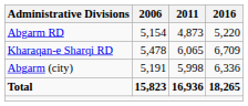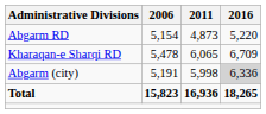 <table class="wikitable">
 <tr>
 <th>Administrative Divisions</th>
 <th>2006</th>
 <th>2011</th>
 <th>2016</th>
 </tr>
 <tr>
 <td><a href='#'>Abgarm RD</a></td>
 <td style="text-align: right;">5,154</td>
 <td style="text-align: right;">4,873</td>
 <td style="text-align: right;">5,220</td>
 </tr>
 <tr>
 <td><a href='#'>Kharaqan-e Sharqi RD</a></td>
 <td style="text-align: right;">5,478</td>
 <td style="text-align: right;">6,065</td>
 <td style="text-align: right;">6,709</td>
 </tr>
 <tr>
 <td><a href='#'>Abgarm</a> (city)</td>
 <td style="text-align: right;">5,191</td>
 <td style="text-align: right;">5,998</td>
-<td style="text-align: right;">6,336</td>
+<td style="background: lightgrey; text-align: right;">6,336</td>
 </tr>
 <tr>
 <td><strong>Total</strong></td>
 <td style="text-align: right;"><strong>15,823</strong></td>
 <td style="text-align: right;"><strong>16,936</strong></td>
 <td style="text-align: right;"><strong>18,265</strong></td>
 </tr>
 <tr>
 <td colspan=4></td>
 </tr>
 </table>
